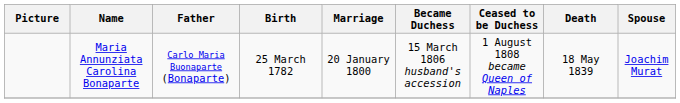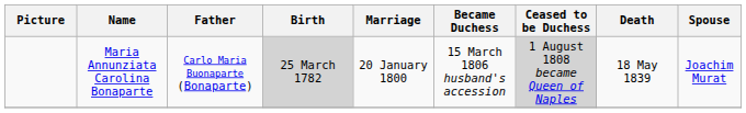 <table width=95% class="wikitable">
 <tr>
 <th width = "8%">Picture</th>
 <th width = "10%">Name</th>
 <th width = "9%">Father</th>
 <th width = "10%">Birth</th>
 <th width = "9%">Marriage</th>
 <th width = "9%">Became Duchess</th>
 <th width = "9%">Ceased to be Duchess</th>
 <th width = "9%">Death</th>
 <th width = "6%">Spouse</th>
 </tr>
 <tr>
 <td align="center"></td>
 <td align="center"><a href='#'>Maria Annunziata Carolina Bonaparte</a></td>
 <td align="center"><small><a href='#'>Carlo Maria Buonaparte</a></small><br>(<a href='#'>Bonaparte</a>)</td>
-<td align="center">25 March 1782</td>
+<td align="center" style="background: lightgrey;">25 March 1782</td>
 <td align="center">20 January 1800</td>
 <td align="center">15 March 1806<br><em>husband's accession</em></td>
-<td align="center">1 August 1808<br><em>became <a href='#'>Queen of Naples</a></em></td>
+<td align="center" style="background: lightgrey;">1 August 1808<br><em>became <a href='#'>Queen of Naples</a></em></td>
 <td align="center">18 May 1839</td>
 <td align="center"><a href='#'>Joachim Murat</a></td>
 </tr>
 <tr>
 </tr>
 </table>
